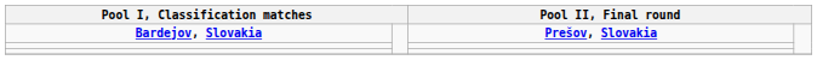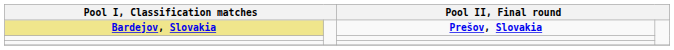 <table class="wikitable" style="text-align: center; width: 900px;">
 <tr>
 <th colspan="2" style="width: 50%;">Pool I, Classification matches</th>
 <th colspan="2" style="width: 50%;">Pool II, Final round</th>
 </tr>
 <tr>
-<td><strong> <a href='#'>Bardejov</a>, <a href='#'>Slovakia</a></strong></td>
+<td style="background: khaki;"><strong> <a href='#'>Bardejov</a>, <a href='#'>Slovakia</a></strong></td>
 <td rowspan="3"></td>
 <td><strong> <a href='#'>Prešov</a>, <a href='#'>Slovakia</a></strong></td>
 <td rowspan="3"></td>
 </tr>
 <tr>
 <td></td>
 <td></td>
 </tr>
 <tr>
 <td></td>
 <td></td>
 </tr>
 <tr>
 </tr>
 </table>
